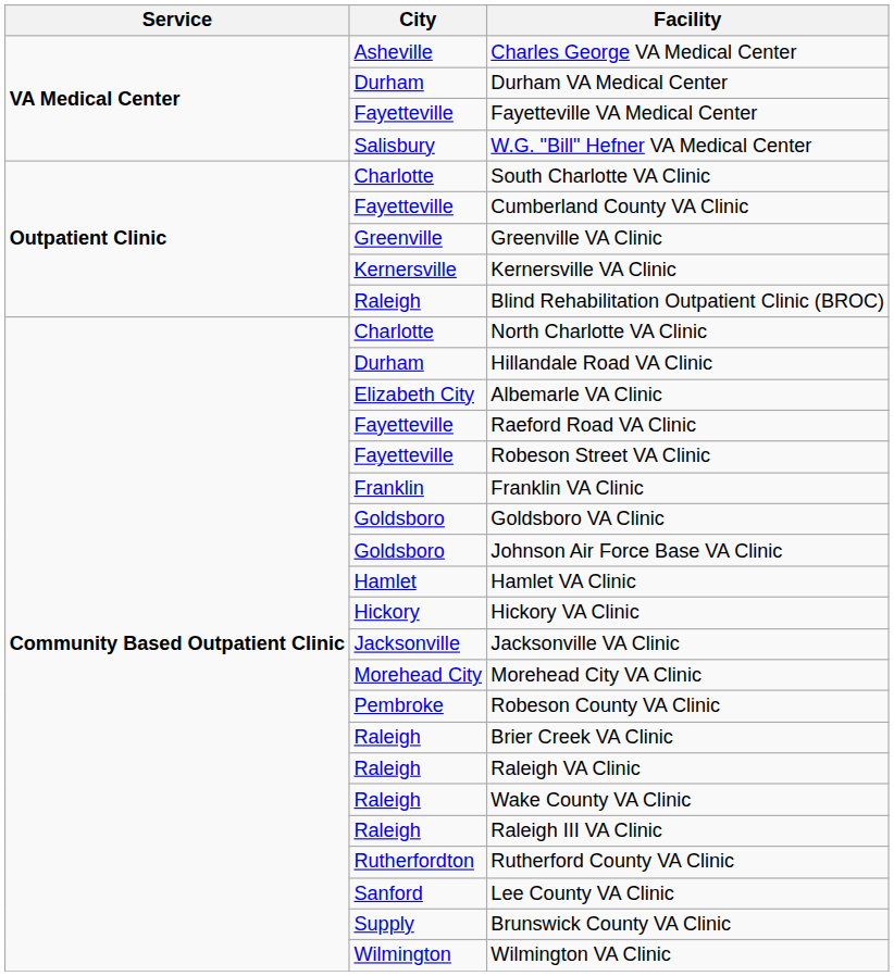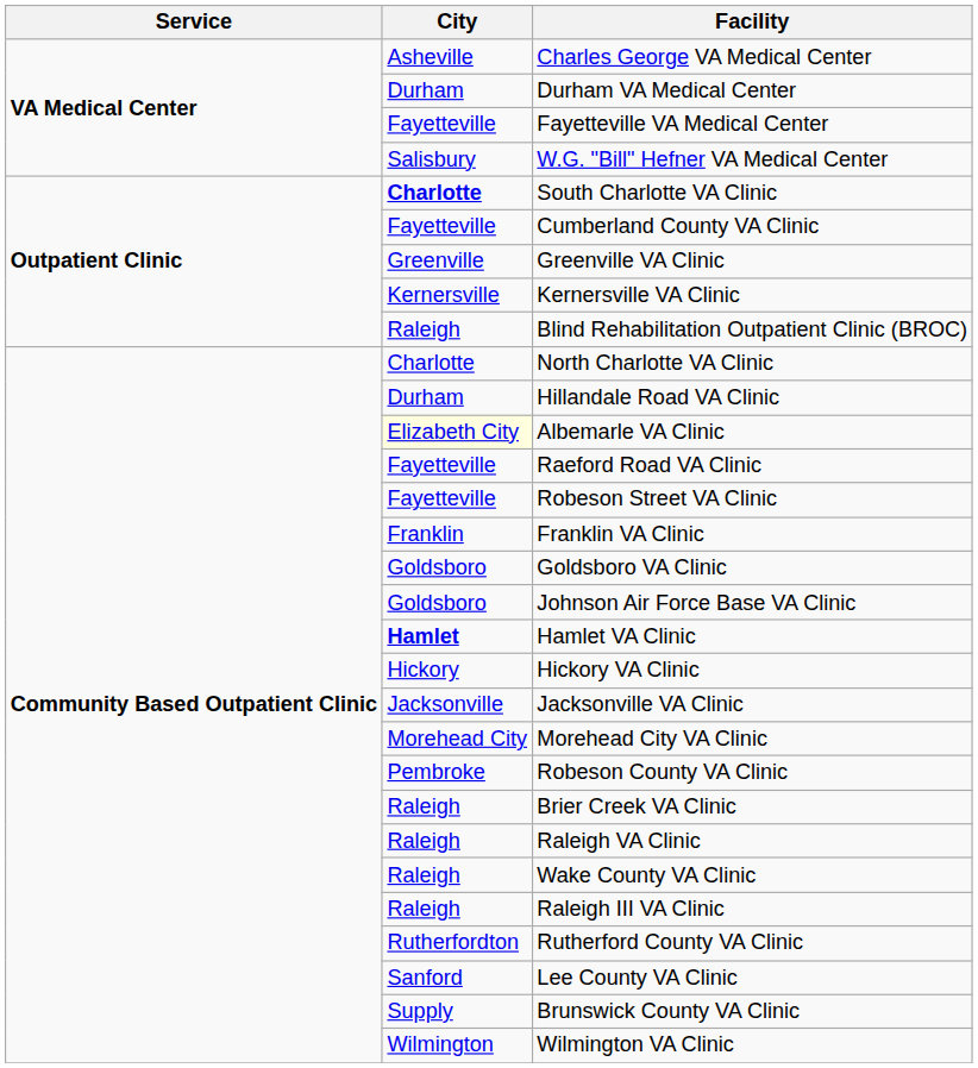 <table class="wikitable">
 <tr>
 <th>Service</th>
 <th>City</th>
 <th>Facility</th>
 </tr>
 <tr>
 <td rowspan=4><strong>VA Medical Center</strong></td>
 <td><a href='#'>Asheville</a></td>
 <td><a href='#'>Charles George</a> VA Medical Center</td>
 </tr>
 <tr>
 <td><a href='#'>Durham</a></td>
 <td>Durham VA Medical Center</td>
 </tr>
 <tr>
 <td><a href='#'>Fayetteville</a></td>
 <td>Fayetteville VA Medical Center</td>
 </tr>
 <tr>
 <td><a href='#'>Salisbury</a></td>
 <td><a href='#'>W.G. "Bill" Hefner</a> VA Medical Center</td>
 </tr>
 <tr>
 <td rowspan=5><strong>Outpatient Clinic</strong></td>
-<td><a href='#'>Charlotte</a></td>
+<td><strong><a href='#'>Charlotte</a></strong></td>
 <td>South Charlotte VA Clinic</td>
 </tr>
 <tr>
 <td><a href='#'>Fayetteville</a></td>
 <td>Cumberland County VA Clinic</td>
 </tr>
 <tr>
 <td><a href='#'>Greenville</a></td>
 <td>Greenville VA Clinic</td>
 </tr>
 <tr>
 <td><a href='#'>Kernersville</a></td>
 <td>Kernersville VA Clinic</td>
 </tr>
 <tr>
 <td><a href='#'>Raleigh</a></td>
 <td>Blind Rehabilitation Outpatient Clinic (BROC)</td>
 </tr>
 <tr>
 <td rowspan=21><strong>Community Based Outpatient Clinic</strong></td>
 <td><a href='#'>Charlotte</a></td>
 <td>North Charlotte VA Clinic</td>
 </tr>
 <tr>
 <td><a href='#'>Durham</a></td>
 <td>Hillandale Road VA Clinic</td>
 </tr>
 <tr>
-<td><a href='#'>Elizabeth City</a></td>
+<td style="background: lightyellow;"><a href='#'>Elizabeth City</a></td>
 <td>Albemarle VA Clinic</td>
 </tr>
 <tr>
 <td><a href='#'>Fayetteville</a></td>
 <td>Raeford Road VA Clinic</td>
 </tr>
 <tr>
 <td><a href='#'>Fayetteville</a></td>
 <td>Robeson Street VA Clinic</td>
 </tr>
 <tr>
 <td><a href='#'>Franklin</a></td>
 <td>Franklin VA Clinic</td>
 </tr>
 <tr>
 <td><a href='#'>Goldsboro</a></td>
 <td>Goldsboro VA Clinic</td>
 </tr>
 <tr>
 <td><a href='#'>Goldsboro</a></td>
 <td>Johnson Air Force Base VA Clinic</td>
 </tr>
 <tr>
-<td><a href='#'>Hamlet</a></td>
+<td><strong><a href='#'>Hamlet</a></strong></td>
 <td>Hamlet VA Clinic</td>
 </tr>
 <tr>
 <td><a href='#'>Hickory</a></td>
 <td>Hickory VA Clinic</td>
 </tr>
 <tr>
 <td><a href='#'>Jacksonville</a></td>
 <td>Jacksonville VA Clinic</td>
 </tr>
 <tr>
 <td><a href='#'>Morehead City</a></td>
 <td>Morehead City VA Clinic</td>
 </tr>
 <tr>
 <td><a href='#'>Pembroke</a></td>
 <td>Robeson County VA Clinic</td>
 </tr>
 <tr>
 <td><a href='#'>Raleigh</a></td>
 <td>Brier Creek VA Clinic</td>
 </tr>
 <tr>
 <td><a href='#'>Raleigh</a></td>
 <td>Raleigh VA Clinic</td>
 </tr>
 <tr>
 <td><a href='#'>Raleigh</a></td>
 <td>Wake County VA Clinic</td>
 </tr>
 <tr>
 <td><a href='#'>Raleigh</a></td>
 <td>Raleigh III VA Clinic</td>
 </tr>
 <tr>
 <td><a href='#'>Rutherfordton</a></td>
 <td>Rutherford County VA Clinic</td>
 </tr>
 <tr>
 <td><a href='#'>Sanford</a></td>
 <td>Lee County VA Clinic</td>
 </tr>
 <tr>
 <td><a href='#'>Supply</a></td>
 <td>Brunswick County VA Clinic</td>
 </tr>
 <tr>
 <td><a href='#'>Wilmington</a></td>
 <td>Wilmington VA Clinic</td>
 </tr>
 </table>
